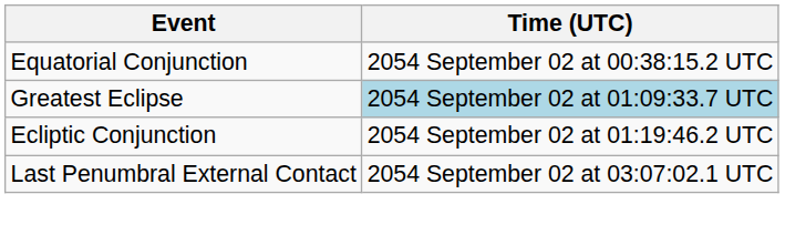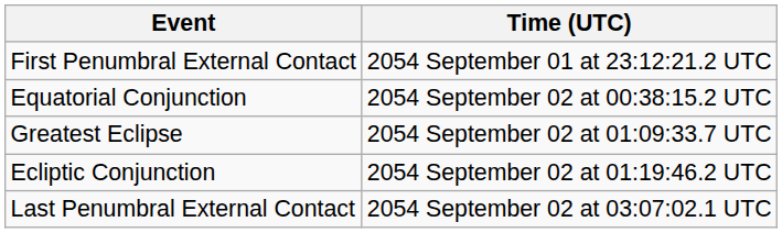 <table class="wikitable">
 <tr>
 <th>Event</th>
 <th>Time (UTC)</th>
+</tr>
+<tr>
+<td>First Penumbral External Contact</td>
+<td>2054 September 01 at 23:12:21.2 UTC</td>
 </tr>
 <tr>
 <td>Equatorial Conjunction</td>
 <td>2054 September 02 at 00:38:15.2 UTC</td>
 </tr>
 <tr>
 <td>Greatest Eclipse</td>
-<td style="background: lightblue;">2054 September 02 at 01:09:33.7 UTC</td>
+<td>2054 September 02 at 01:09:33.7 UTC</td>
 </tr>
 <tr>
 <td>Ecliptic Conjunction</td>
 <td>2054 September 02 at 01:19:46.2 UTC</td>
 </tr>
 <tr>
 <td>Last Penumbral External Contact</td>
 <td>2054 September 02 at 03:07:02.1 UTC</td>
 </tr>
 </table>
